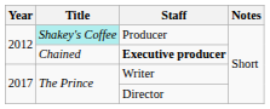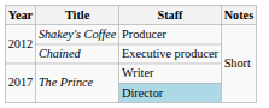 <table class="wikitable sortable">
 <tr>
 <th>Year</th>
 <th>Title</th>
 <th>Staff</th>
 <th>Notes</th>
 </tr>
 <tr>
 <td rowspan="3">2012</td>
-<td style="background: paleturquoise;"><em>Shakey's Coffee</em></td>
+<td><em>Shakey's Coffee</em></td>
 <td>Producer</td>
 <td rowspan="5">Short</td>
 </tr>
 <tr>
 <td rowspan="2"><em>Chained</em></td>
-<td><strong>Executive producer</strong></td>
+<td>Executive producer</td>
 </tr>
 <tr>
 <td rowspan="2">Writer</td>
 </tr>
 <tr>
 <td rowspan="2">2017</td>
 <td rowspan="2"><em>The Prince</em></td>
 </tr>
 <tr>
-<td>Director</td>
+<td style="background: lightblue;">Director</td>
 </tr>
 </table>
